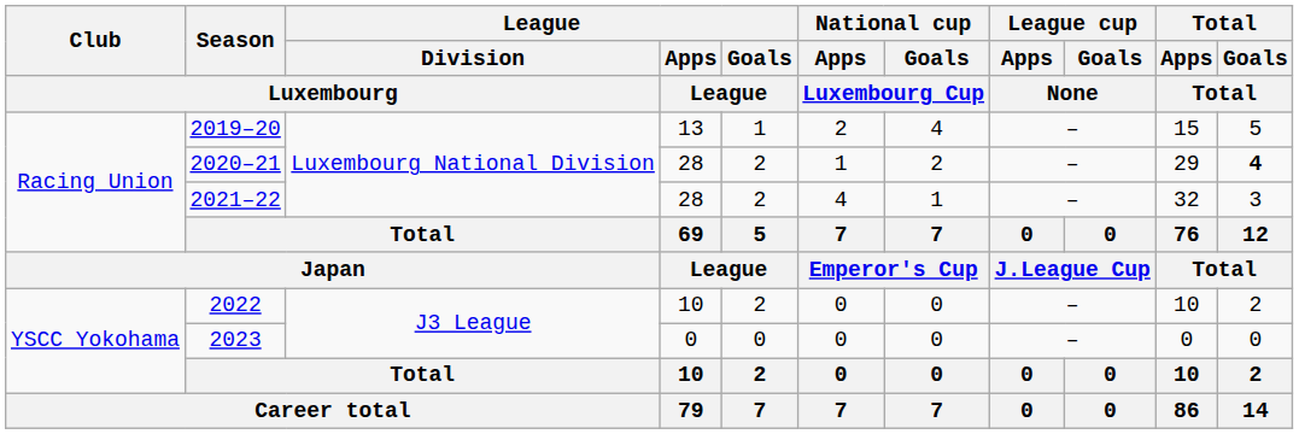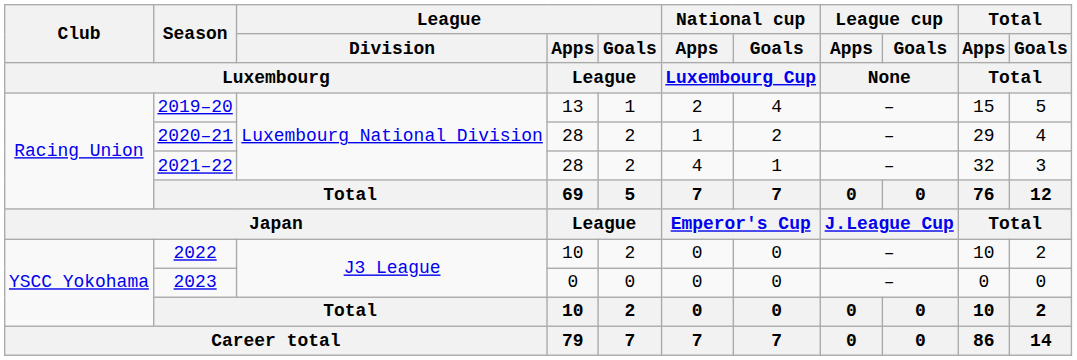 <table class="wikitable" style="text-align:center">
 <tr>
 <th rowspan=2>Club</th>
 <th rowspan=2>Season</th>
 <th colspan=3>League</th>
 <th colspan=2>National cup</th>
 <th colspan=2>League cup</th>
 <th colspan=2>Total</th>
 </tr>
 <tr>
 <th>Division</th>
 <th>Apps</th>
 <th>Goals</th>
 <th>Apps</th>
 <th>Goals</th>
 <th>Apps</th>
 <th>Goals</th>
 <th>Apps</th>
 <th>Goals</th>
 </tr>
 <tr>
 <th colspan=3>Luxembourg</th>
 <th colspan=2>League</th>
 <th colspan=2><a href='#'>Luxembourg Cup</a></th>
 <th colspan=2>None</th>
 <th colspan=2>Total</th>
 </tr>
 <tr>
 <td rowspan=4><a href='#'>Racing Union</a></td>
 <td><a href='#'>2019–20</a></td>
 <td rowspan=3><a href='#'>Luxembourg National Division</a></td>
 <td>13</td>
 <td>1</td>
 <td>2</td>
 <td>4</td>
 <td colspan="2">–</td>
 <td>15</td>
 <td>5</td>
 </tr>
 <tr>
 <td><a href='#'>2020–21</a></td>
 <td>28</td>
 <td>2</td>
 <td>1</td>
 <td>2</td>
 <td colspan="2">–</td>
 <td>29</td>
-<td><strong>4</strong></td>
+<td>4</td>
 </tr>
 <tr>
 <td><a href='#'>2021–22</a></td>
 <td>28</td>
 <td>2</td>
 <td>4</td>
 <td>1</td>
 <td colspan="2">–</td>
 <td>32</td>
 <td>3</td>
 </tr>
 <tr>
 <th colspan=2>Total</th>
 <th>69</th>
 <th>5</th>
 <th>7</th>
 <th>7</th>
 <th>0</th>
 <th>0</th>
 <th>76</th>
 <th>12</th>
 </tr>
 <tr>
 <th colspan=3>Japan</th>
 <th colspan=2>League</th>
 <th colspan=2><a href='#'>Emperor's Cup</a></th>
 <th colspan=2><a href='#'>J.League Cup</a></th>
 <th colspan=2>Total</th>
 </tr>
 <tr>
 <td rowspan=3><a href='#'>YSCC Yokohama</a></td>
 <td><a href='#'>2022</a></td>
 <td rowspan=2><a href='#'>J3 League</a></td>
 <td>10</td>
 <td>2</td>
 <td>0</td>
 <td>0</td>
 <td colspan="2">–</td>
 <td>10</td>
 <td>2</td>
 </tr>
 <tr>
 <td><a href='#'>2023</a></td>
 <td>0</td>
 <td>0</td>
 <td>0</td>
 <td>0</td>
 <td colspan="2">–</td>
 <td>0</td>
 <td>0</td>
 </tr>
 <tr>
 <th colspan=2>Total</th>
 <th>10</th>
 <th>2</th>
 <th>0</th>
 <th>0</th>
 <th>0</th>
 <th>0</th>
 <th>10</th>
 <th>2</th>
 </tr>
 <tr>
 <th colspan=3>Career total</th>
 <th>79</th>
 <th>7</th>
 <th>7</th>
 <th>7</th>
 <th>0</th>
 <th>0</th>
 <th>86</th>
 <th>14</th>
 </tr>
 </table>
